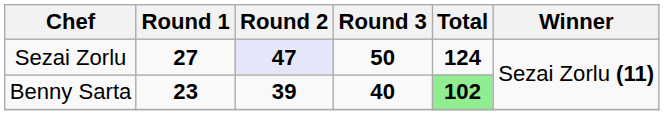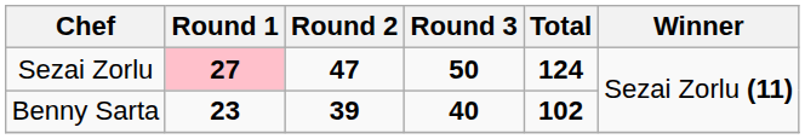 <table class="wikitable"  style="float:left; margin:auto; text-align:center;">
 <tr>
 <th>Chef</th>
 <th>Round 1</th>
 <th>Round 2</th>
 <th>Round 3</th>
 <th>Total</th>
 <th>Winner</th>
 </tr>
 <tr>
 <td>Sezai Zorlu</td>
-<td><strong>27</strong></td>
-<td style="background: lavender;"><strong>47</strong></td>
+<td style="background: pink;"><strong>27</strong></td>
+<td><strong>47</strong></td>
 <td><strong>50</strong></td>
 <td><strong>124</strong></td>
 <td rowspan=2>Sezai Zorlu <strong>(11)</strong></td>
 </tr>
 <tr>
 <td>Benny Sarta</td>
 <td><strong>23</strong></td>
 <td><strong>39</strong></td>
 <td><strong>40</strong></td>
-<td style="background: lightgreen;"><strong>102</strong></td>
+<td><strong>102</strong></td>
 </tr>
 <tr>
 </tr>
 </table>
